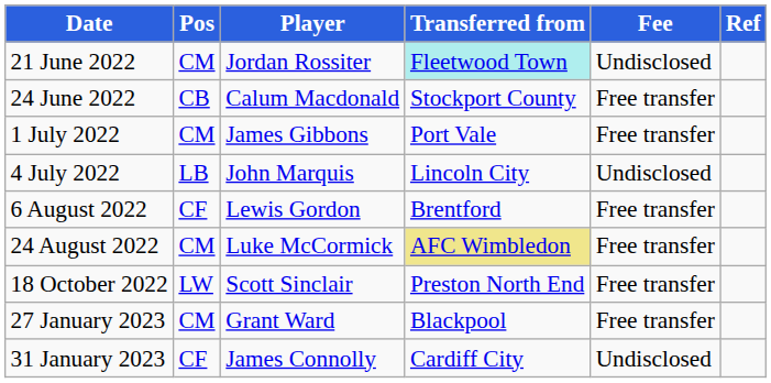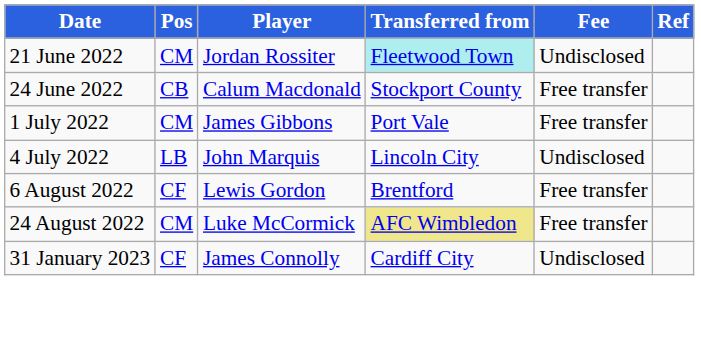 <table class="wikitable plainrowheaders sortable">
 <tr>
 <th style="background:#2B60DE; color:#FFFFFF; ">Date</th>
 <th style="background:#2B60DE; color:#FFFFFF; ">Pos</th>
 <th style="background:#2B60DE; color:#FFFFFF; ">Player</th>
 <th style="background:#2B60DE; color:#FFFFFF; ">Transferred from</th>
 <th style="background:#2B60DE; color:#FFFFFF; ">Fee</th>
 <th style="background:#2B60DE; color:#FFFFFF; ">Ref</th>
 </tr>
 <tr>
 <td>21 June 2022</td>
 <td><a href='#'>CM</a></td>
 <td> <a href='#'>Jordan Rossiter</a></td>
 <td style="background: paleturquoise;"> <a href='#'>Fleetwood Town</a></td>
 <td>Undisclosed</td>
 <td></td>
 </tr>
 <tr>
 <td>24 June 2022</td>
 <td><a href='#'>CB</a></td>
 <td> <a href='#'>Calum Macdonald</a></td>
 <td> <a href='#'>Stockport County</a></td>
 <td>Free transfer</td>
 <td></td>
 </tr>
 <tr>
 <td>1 July 2022</td>
 <td><a href='#'>CM</a></td>
 <td> <a href='#'>James Gibbons</a></td>
 <td> <a href='#'>Port Vale</a></td>
 <td>Free transfer</td>
 <td></td>
 </tr>
 <tr>
 <td>4 July 2022</td>
 <td><a href='#'>LB</a></td>
 <td> <a href='#'>John Marquis</a></td>
 <td> <a href='#'>Lincoln City</a></td>
 <td>Undisclosed</td>
 <td></td>
 </tr>
 <tr>
 <td>6 August 2022</td>
 <td><a href='#'>CF</a></td>
 <td> <a href='#'>Lewis Gordon</a></td>
 <td> <a href='#'>Brentford</a></td>
 <td>Free transfer</td>
 <td></td>
 </tr>
 <tr>
 <td>24 August 2022</td>
 <td><a href='#'>CM</a></td>
 <td> <a href='#'>Luke McCormick</a></td>
 <td style="background: khaki;"> <a href='#'>AFC Wimbledon</a></td>
 <td>Free transfer</td>
 <td></td>
 </tr>
 <tr>
-<td>18 October 2022</td>
-<td><a href='#'>LW</a></td>
-<td> <a href='#'>Scott Sinclair</a></td>
-<td> <a href='#'>Preston North End</a></td>
-<td>Free transfer</td>
-<td></td>
-</tr>
-<tr>
-<td>27 January 2023</td>
-<td><a href='#'>CM</a></td>
-<td> <a href='#'>Grant Ward</a></td>
-<td> <a href='#'>Blackpool</a></td>
-<td>Free transfer</td>
-<td></td>
-</tr>
-<tr>
 <td>31 January 2023</td>
 <td><a href='#'>CF</a></td>
 <td> <a href='#'>James Connolly</a></td>
 <td> <a href='#'>Cardiff City</a></td>
 <td>Undisclosed</td>
 <td></td>
 </tr>
 </table>
